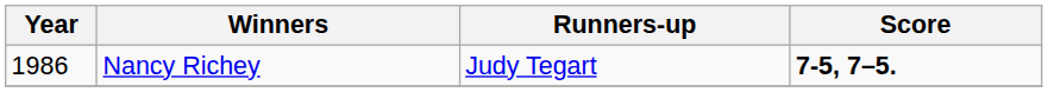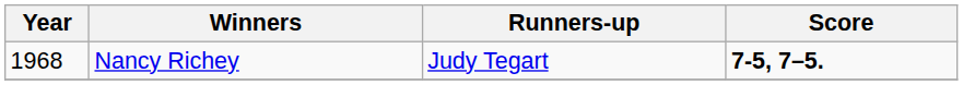 <table class="wikitable">
 <tr>
 <th style="width:50px">Year</th>
 <th style="width:220px">Winners</th>
 <th style="width:200px">Runners-up</th>
 <th style="width:150px" class="unsortable">Score</th>
 </tr>
 <tr>
-<td>1986</td>
+<td>1968</td>
 <td> <a href='#'>Nancy Richey</a></td>
 <td> <a href='#'>Judy Tegart</a></td>
 <td><strong>7-5, 7–5.</strong></td>
 </tr>
 <tr>
 </tr>
 </table>
